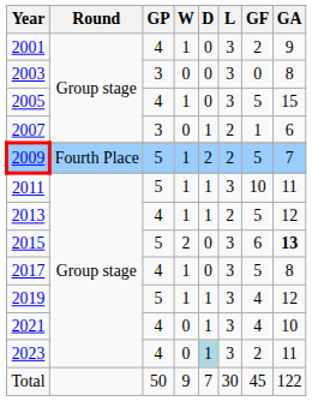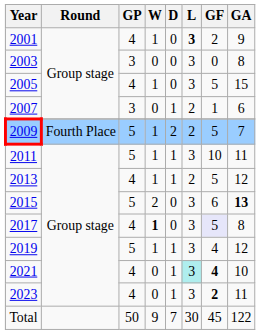 <table class="wikitable" style="text-align: center;font-size:89%;">
 <tr>
 <th>Year</th>
 <th>Round</th>
 <th>GP</th>
 <th>W</th>
 <th>D</th>
 <th>L</th>
 <th>GF</th>
 <th>GA</th>
 </tr>
 <tr>
 <td> <a href='#'>2001</a></td>
 <td rowspan=4>Group stage</td>
 <td>4</td>
 <td>1</td>
 <td>0</td>
-<td>3</td>
+<td><strong>3</strong></td>
 <td>2</td>
 <td>9</td>
 </tr>
 <tr>
 <td> <a href='#'>2003</a></td>
 <td>3</td>
 <td>0</td>
 <td>0</td>
 <td>3</td>
 <td>0</td>
 <td>8</td>
 </tr>
 <tr>
 <td> <a href='#'>2005</a></td>
 <td>4</td>
 <td>1</td>
 <td>0</td>
 <td>3</td>
 <td>5</td>
 <td>15</td>
 </tr>
 <tr>
 <td> <a href='#'>2007</a></td>
 <td>3</td>
 <td>0</td>
 <td>1</td>
 <td>2</td>
 <td>1</td>
 <td>6</td>
 </tr>
 <tr>
 </tr>
 <tr bgcolor=#9acdff>
 <td style="border: 3px solid red"> <a href='#'>2009</a></td>
 <td>Fourth Place</td>
 <td>5</td>
 <td>1</td>
 <td>2</td>
 <td>2</td>
 <td>5</td>
 <td>7</td>
 </tr>
 <tr>
 <td> <a href='#'>2011</a></td>
 <td rowspan=7>Group stage</td>
 <td>5</td>
 <td>1</td>
 <td>1</td>
 <td>3</td>
 <td>10</td>
 <td>11</td>
 </tr>
 <tr>
 <td> <a href='#'>2013</a></td>
 <td>4</td>
 <td>1</td>
 <td>1</td>
 <td>2</td>
 <td>5</td>
 <td>12</td>
 </tr>
 <tr>
 <td> <a href='#'>2015</a></td>
 <td>5</td>
 <td>2</td>
 <td>0</td>
 <td>3</td>
 <td>6</td>
 <td><strong>13</strong></td>
 </tr>
 <tr>
 <td> <a href='#'>2017</a></td>
 <td>4</td>
-<td>1</td>
+<td><strong>1</strong></td>
 <td>0</td>
 <td>3</td>
-<td>5</td>
+<td style="background: lavender;">5</td>
 <td>8</td>
 </tr>
 <tr>
 <td> <a href='#'>2019</a></td>
 <td>5</td>
 <td>1</td>
 <td>1</td>
 <td>3</td>
 <td>4</td>
 <td>12</td>
 </tr>
 <tr>
 <td> <a href='#'>2021</a></td>
 <td>4</td>
 <td>0</td>
 <td>1</td>
-<td>3</td>
-<td>4</td>
+<td style="background: paleturquoise;">3</td>
+<td><strong>4</strong></td>
 <td>10</td>
 </tr>
 <tr>
 <td> <a href='#'>2023</a></td>
 <td>4</td>
 <td>0</td>
-<td style="background: lightblue;">1</td>
+<td>1</td>
 <td>3</td>
-<td>2</td>
+<td><strong>2</strong></td>
 <td>11</td>
 </tr>
 <tr>
 <td>Total</td>
 <td></td>
 <td>50</td>
 <td>9</td>
 <td>7</td>
 <td>30</td>
 <td>45</td>
 <td>122</td>
 </tr>
 </table>
